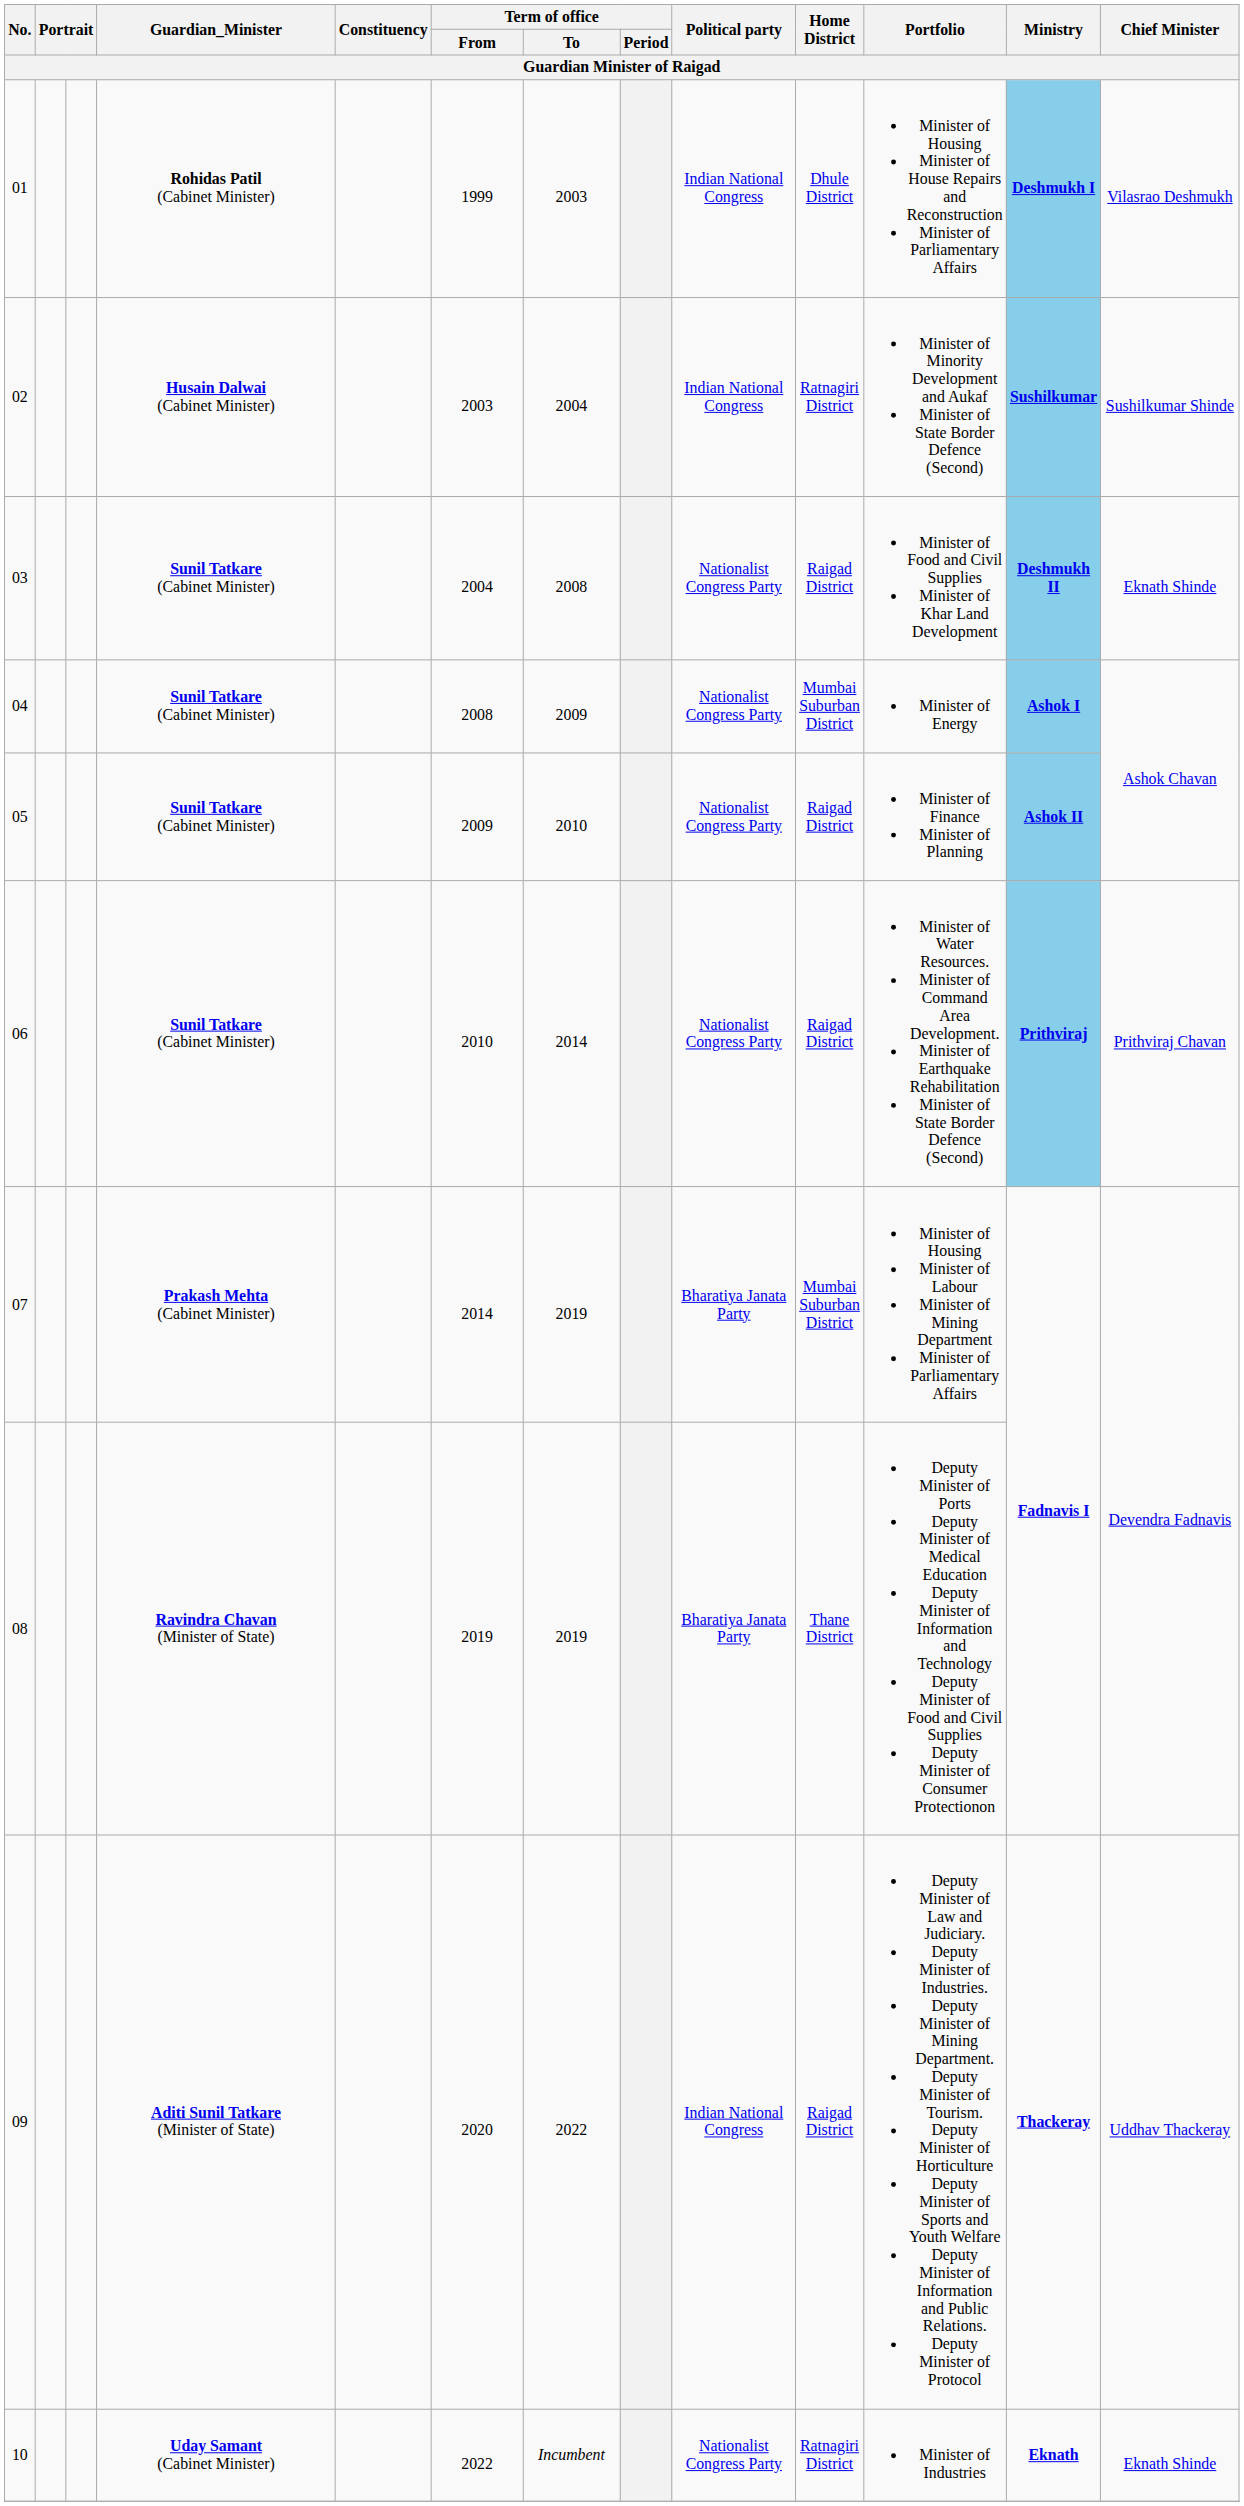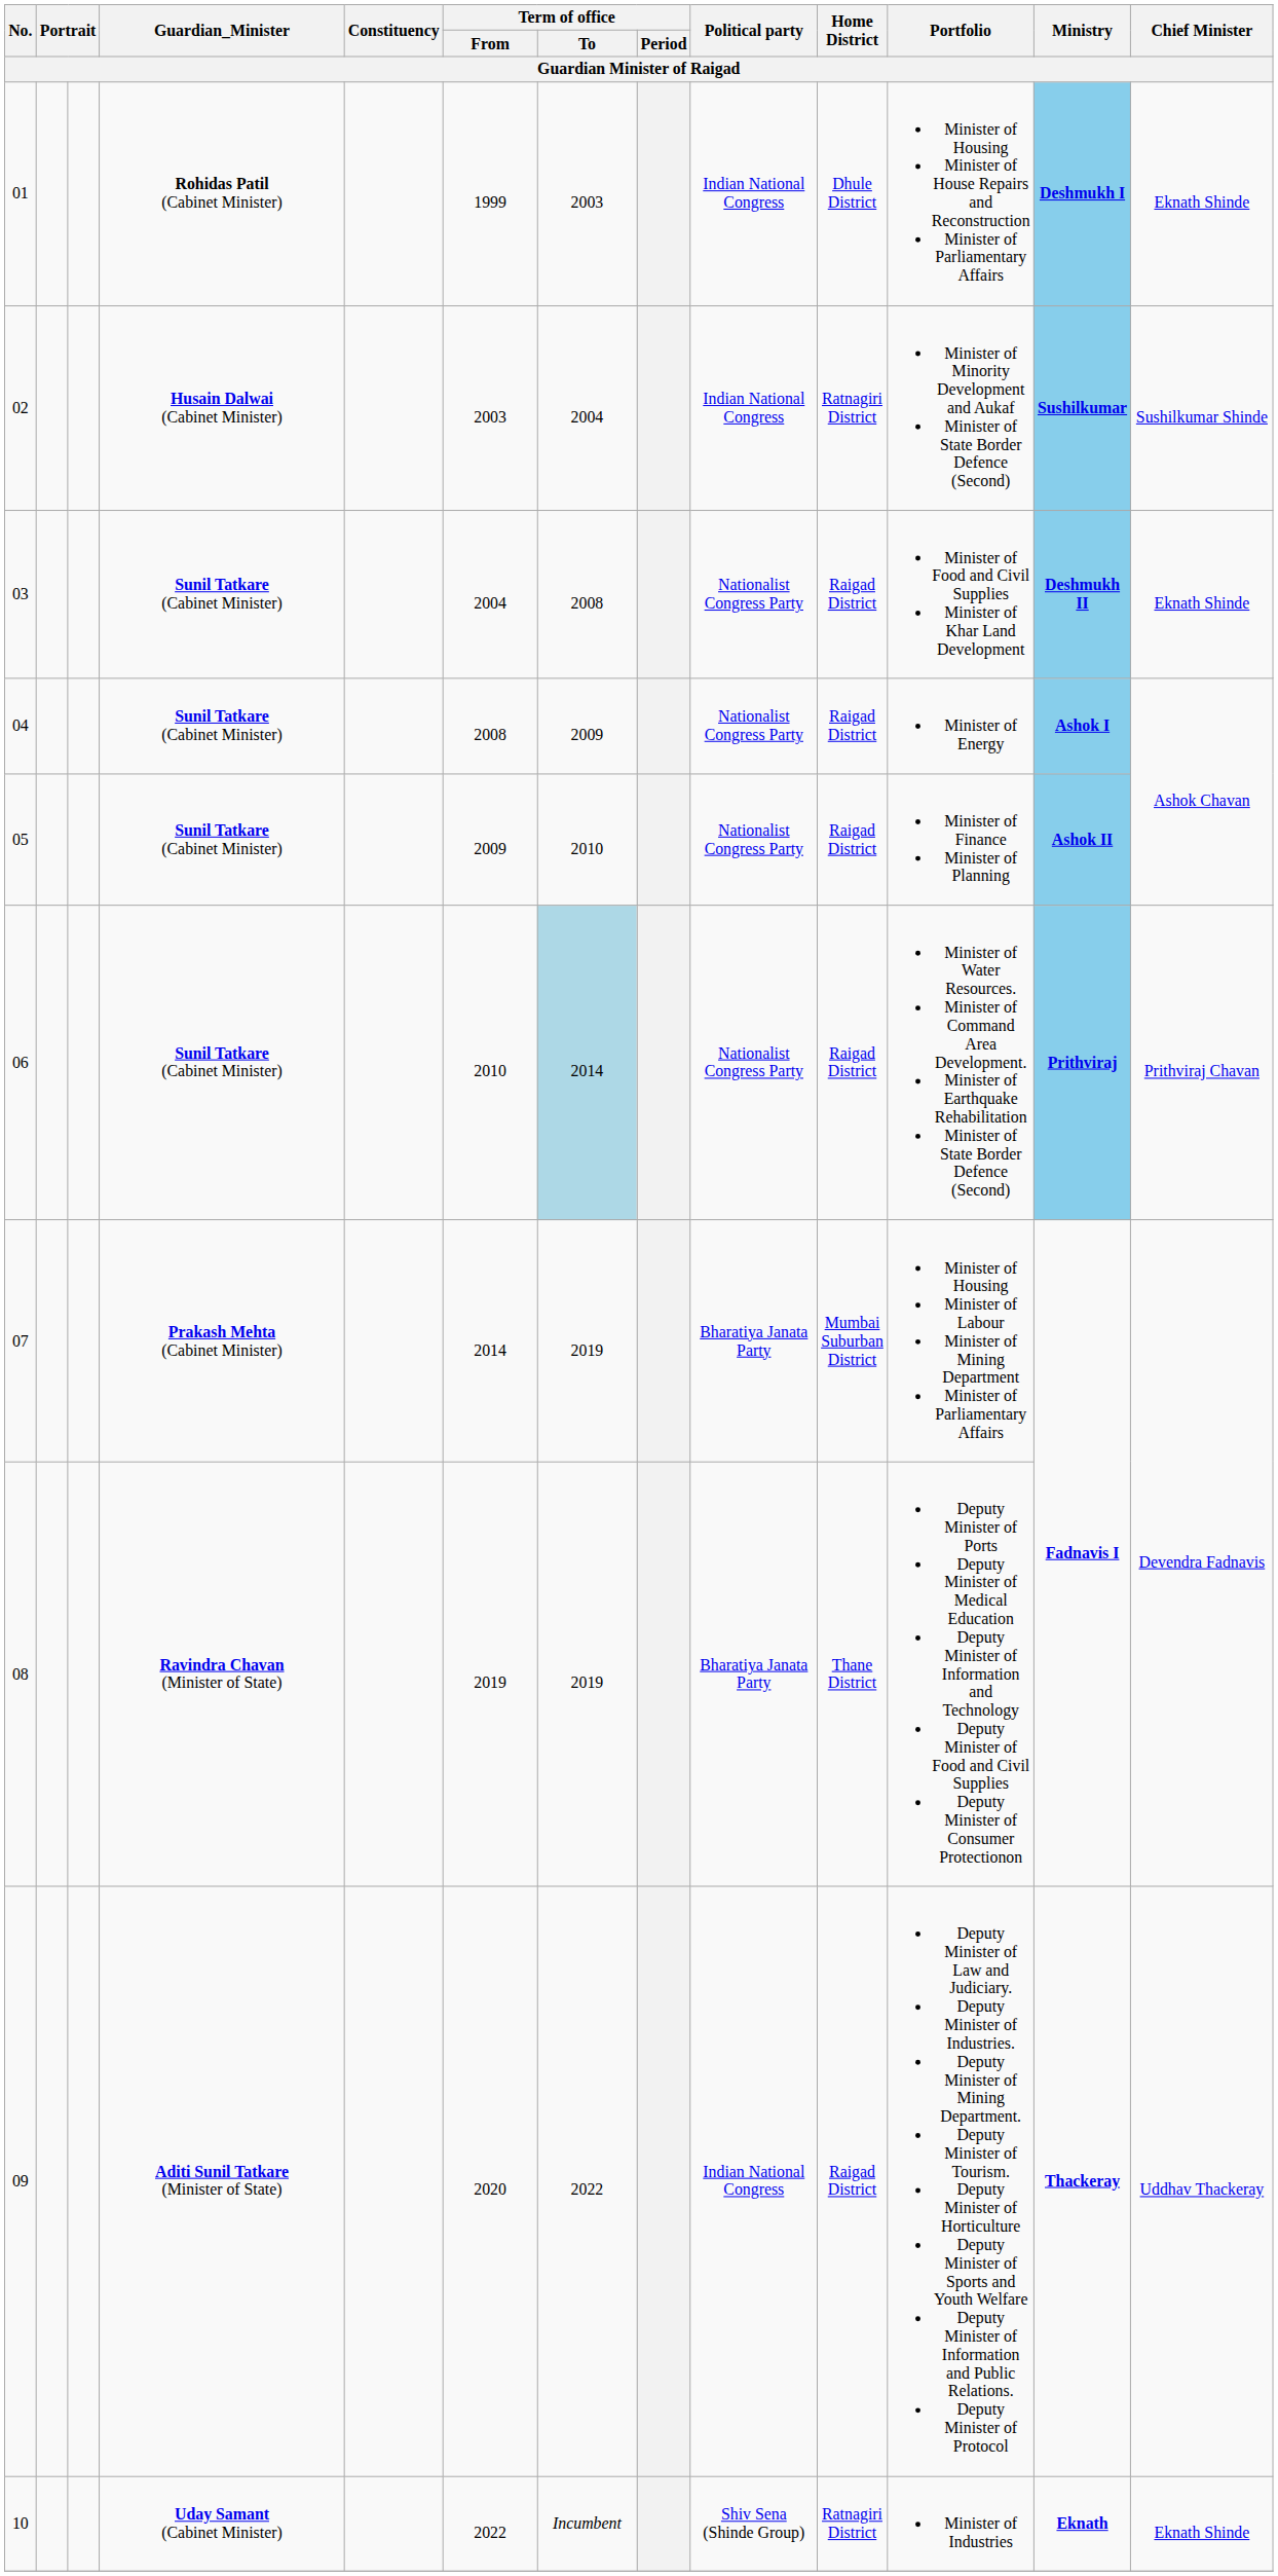 <table class="wikitable" style="text-align:center">
 <tr>
 <th rowspan="2">No.</th>
 <th rowspan="2" colspan="2">Portrait</th>
 <th rowspan="2" style="width:16em">Guardian_Minister</th>
 <th rowspan="2">Constituency</th>
 <th colspan="3">Term of office</th>
 <th rowspan="2" style="width:8em">Political party</th>
 <th rowspan="2">Home District</th>
 <th rowspan="2">Portfolio</th>
 <th rowspan="2">Ministry</th>
 <th rowspan="2" style="width:9em">Chief Minister</th>
 </tr>
 <tr>
 <th style="width:6em">From</th>
 <th style="width:6em">To</th>
 <th>Period</th>
 </tr>
 <tr>
 <th colspan="13">Guardian Minister of Raigad</th>
 </tr>
 <tr>
 <td>01</td>
 <td></td>
 <td></td>
 <td><strong>Rohidas Patil</strong> <br> (Cabinet Minister)</td>
 <td><br> </td>
 <td><br>1999</td>
 <td><br>2003</td>
 <th></th>
 <td><a href='#'>Indian National Congress</a></td>
 <td><a href='#'>Dhule District</a></td>
 <td><br><ul><li>Minister of Housing</li><li>Minister of House Repairs and Reconstruction</li><li>Minister of Parliamentary Affairs</li></ul></td>
 <td rowspan="1" bgcolor="#87CEEB"><a href='#'><strong>Deshmukh I</strong></a></td>
-<td rowspan="1"> <br><a href='#'>Vilasrao Deshmukh</a></td>
+<td rowspan="1"> <br><a href='#'>Eknath Shinde</a></td>
 </tr>
 <tr>
 <td>02</td>
 <td></td>
 <td></td>
 <td><strong><a href='#'>Husain Dalwai</a></strong> <br> (Cabinet Minister)</td>
 <td><br> </td>
 <td><br>2003</td>
 <td><br>2004</td>
 <th></th>
 <td><a href='#'>Indian National Congress</a></td>
 <td><a href='#'>Ratnagiri District</a></td>
 <td><br><ul><li>Minister of Minority Development and Aukaf</li><li>Minister of State Border Defence (Second)</li></ul></td>
 <td rowspan="1" bgcolor="#87CEEB"><a href='#'><strong>Sushilkumar</strong></a></td>
 <td rowspan="1"> <br><a href='#'>Sushilkumar Shinde</a></td>
 </tr>
 <tr>
 <td>03</td>
 <td></td>
 <td></td>
 <td><strong><a href='#'>Sunil Tatkare</a></strong> <br> (Cabinet Minister)</td>
 <td><br> </td>
 <td><br>2004</td>
 <td><br>2008</td>
 <th></th>
 <td><a href='#'>Nationalist Congress Party</a></td>
 <td><a href='#'>Raigad District</a></td>
 <td><br><ul><li>Minister of Food and Civil Supplies</li><li>Minister of Khar Land Development</li></ul></td>
 <td rowspan="1" bgcolor="#87CEEB"><a href='#'><strong>Deshmukh II</strong></a></td>
 <td rowspan="1"> <br><a href='#'>Eknath Shinde</a></td>
 </tr>
 <tr>
 <td>04</td>
 <td></td>
 <td></td>
 <td><strong><a href='#'>Sunil Tatkare</a></strong> <br> (Cabinet Minister)</td>
 <td><br> </td>
 <td><br>2008</td>
 <td><br>2009</td>
 <th></th>
 <td><a href='#'>Nationalist Congress Party</a></td>
-<td><a href='#'>Mumbai Suburban District</a></td>
+<td><a href='#'>Raigad District</a></td>
 <td><br><ul><li>Minister of Energy</li></ul></td>
 <td rowspan="1" bgcolor="#87CEEB"><a href='#'><strong>Ashok I</strong></a></td>
 <td rowspan="2"><br><a href='#'>Ashok Chavan</a></td>
 </tr>
 <tr>
 <td>05</td>
 <td></td>
 <td></td>
 <td><strong><a href='#'>Sunil Tatkare</a></strong>  <br> (Cabinet Minister)</td>
 <td><br> </td>
 <td><br>2009</td>
 <td><br>2010</td>
 <th></th>
 <td><a href='#'>Nationalist Congress Party</a></td>
 <td><a href='#'>Raigad District</a></td>
 <td><br><ul><li>Minister of Finance</li><li>Minister of Planning</li></ul></td>
 <td rowspan="1"bgcolor="#87CEEB"><a href='#'><strong>Ashok II</strong></a></td>
 </tr>
 <tr>
 <td>06</td>
 <td></td>
 <td></td>
 <td><strong><a href='#'>Sunil Tatkare</a></strong> <br> (Cabinet Minister)</td>
 <td><br> </td>
 <td><br>2010</td>
-<td><br>2014</td>
+<td style="background: lightblue;"><br>2014</td>
 <th></th>
 <td><a href='#'>Nationalist Congress Party</a></td>
 <td><a href='#'>Raigad District</a></td>
 <td><br><ul><li>Minister of Water Resources.</li><li>Minister of Command Area Development.</li><li>Minister of Earthquake Rehabilitation</li><li>Minister of State Border Defence (Second)</li></ul></td>
 <td rowspan="1" bgcolor="#87CEEB"><a href='#'><strong>Prithviraj</strong></a></td>
 <td rowspan="1"><br><a href='#'>Prithviraj Chavan</a></td>
 </tr>
 <tr>
 <td>07</td>
 <td></td>
 <td></td>
 <td><strong><a href='#'>Prakash Mehta</a></strong>  <br> (Cabinet Minister)</td>
 <td><br> </td>
 <td><br>2014</td>
 <td><br>2019</td>
 <th></th>
 <td rowspan="1"><a href='#'>Bharatiya Janata Party</a></td>
 <td><a href='#'>Mumbai Suburban District</a></td>
 <td><br><ul><li>Minister of Housing</li><li>Minister of Labour</li><li>Minister of Mining Department</li><li>Minister of Parliamentary Affairs</li></ul></td>
 <td rowspan="2"><a href='#'><strong>Fadnavis I</strong></a></td>
 <td rowspan="2"> <br><a href='#'>Devendra Fadnavis</a></td>
 </tr>
 <tr>
 <td>08</td>
 <td></td>
 <td></td>
 <td><strong><a href='#'>Ravindra Chavan</a></strong> <br> (Minister of State)</td>
 <td><br> </td>
 <td><br>2019</td>
 <td><br>2019</td>
 <th></th>
 <td rowspan="1"><a href='#'>Bharatiya Janata Party</a></td>
 <td><a href='#'>Thane District</a></td>
 <td><br><ul><li>Deputy Minister of Ports</li><li>Deputy Minister of Medical Education</li><li>Deputy Minister of Information and Technology</li><li>Deputy Minister of Food and Civil Supplies</li><li>Deputy Minister of Consumer Protectionon</li></ul></td>
 </tr>
 <tr>
 <td>09</td>
 <td></td>
 <td></td>
 <td><strong><a href='#'>Aditi Sunil Tatkare</a></strong> <br> (Minister of State)</td>
 <td><br> </td>
 <td><br>2020</td>
 <td><br>2022</td>
 <th></th>
 <td><a href='#'>Indian National Congress</a></td>
 <td><a href='#'>Raigad District</a></td>
 <td><br><ul><li>Deputy Minister of Law and Judiciary.</li><li>Deputy Minister of Industries.</li><li>Deputy Minister of Mining Department.</li><li>Deputy Minister of Tourism.</li><li>Deputy Minister of Horticulture</li><li>Deputy Minister of Sports and Youth Welfare</li><li>Deputy Minister of Information and Public Relations.</li><li>Deputy Minister of Protocol</li></ul></td>
 <td rowspan="1"><a href='#'><strong>Thackeray</strong></a></td>
 <td rowspan="1"> <br><a href='#'>Uddhav Thackeray</a></td>
 </tr>
 <tr>
 <td>10</td>
 <td></td>
 <td></td>
 <td><strong><a href='#'>Uday Samant</a></strong> <br> (Cabinet Minister)</td>
 <td><br> </td>
 <td><br>2022</td>
 <td><em>Incumbent</em></td>
 <th></th>
-<td><a href='#'>Nationalist Congress Party</a></td>
+<td><a href='#'>Shiv Sena</a> (Shinde Group)</td>
 <td><a href='#'>Ratnagiri District</a></td>
 <td><br><ul><li>Minister of Industries</li></ul></td>
 <td rowspan="1"><a href='#'><strong>Eknath</strong></a></td>
 <td rowspan="1"> <br><a href='#'>Eknath Shinde</a></td>
 </tr>
 <tr>
 </tr>
 </table>
